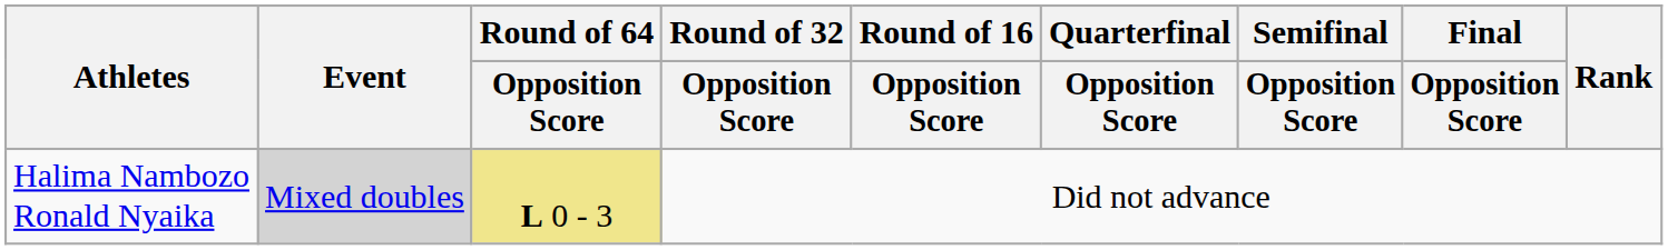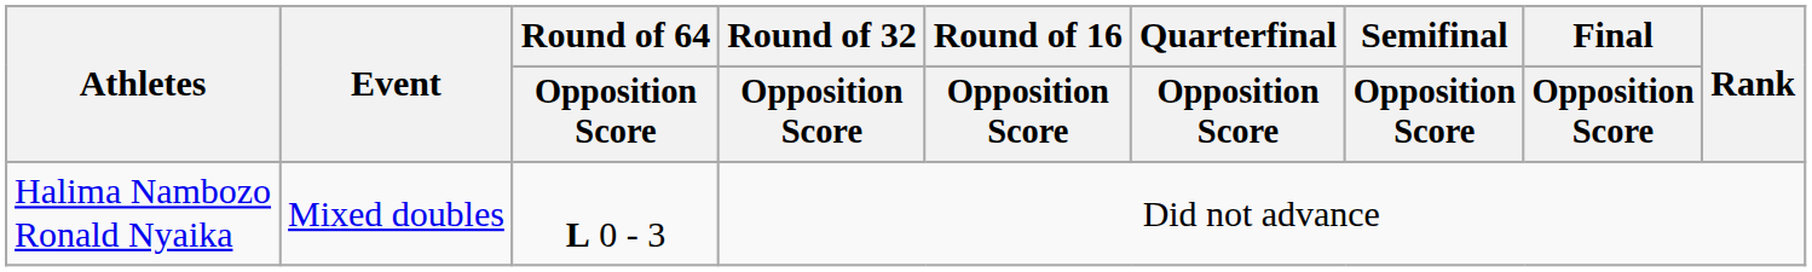 <table class="wikitable" style="font-size:90%">
 <tr>
 <th rowspan=2>Athletes</th>
 <th rowspan=2>Event</th>
 <th>Round of 64</th>
 <th>Round of 32</th>
 <th>Round of 16</th>
 <th>Quarterfinal</th>
 <th>Semifinal</th>
 <th>Final</th>
 <th rowspan=2>Rank</th>
 </tr>
 <tr style="font-size:95%">
 <th>Opposition<br>Score</th>
 <th>Opposition<br>Score</th>
 <th>Opposition<br>Score</th>
 <th>Opposition<br>Score</th>
 <th>Opposition<br>Score</th>
 <th>Opposition<br>Score</th>
 </tr>
 <tr align=center>
 <td align=left><a href='#'>Halima Nambozo</a><br><a href='#'>Ronald Nyaika</a></td>
-<td align=left style="background: lightgrey;"><a href='#'>Mixed doubles</a></td>
-<td style="background: khaki;"><br><strong>L</strong> 0 - 3</td>
+<td align=left><a href='#'>Mixed doubles</a></td>
+<td><br><strong>L</strong> 0 - 3</td>
 <td colspan=6>Did not advance</td>
 </tr>
 </table>
